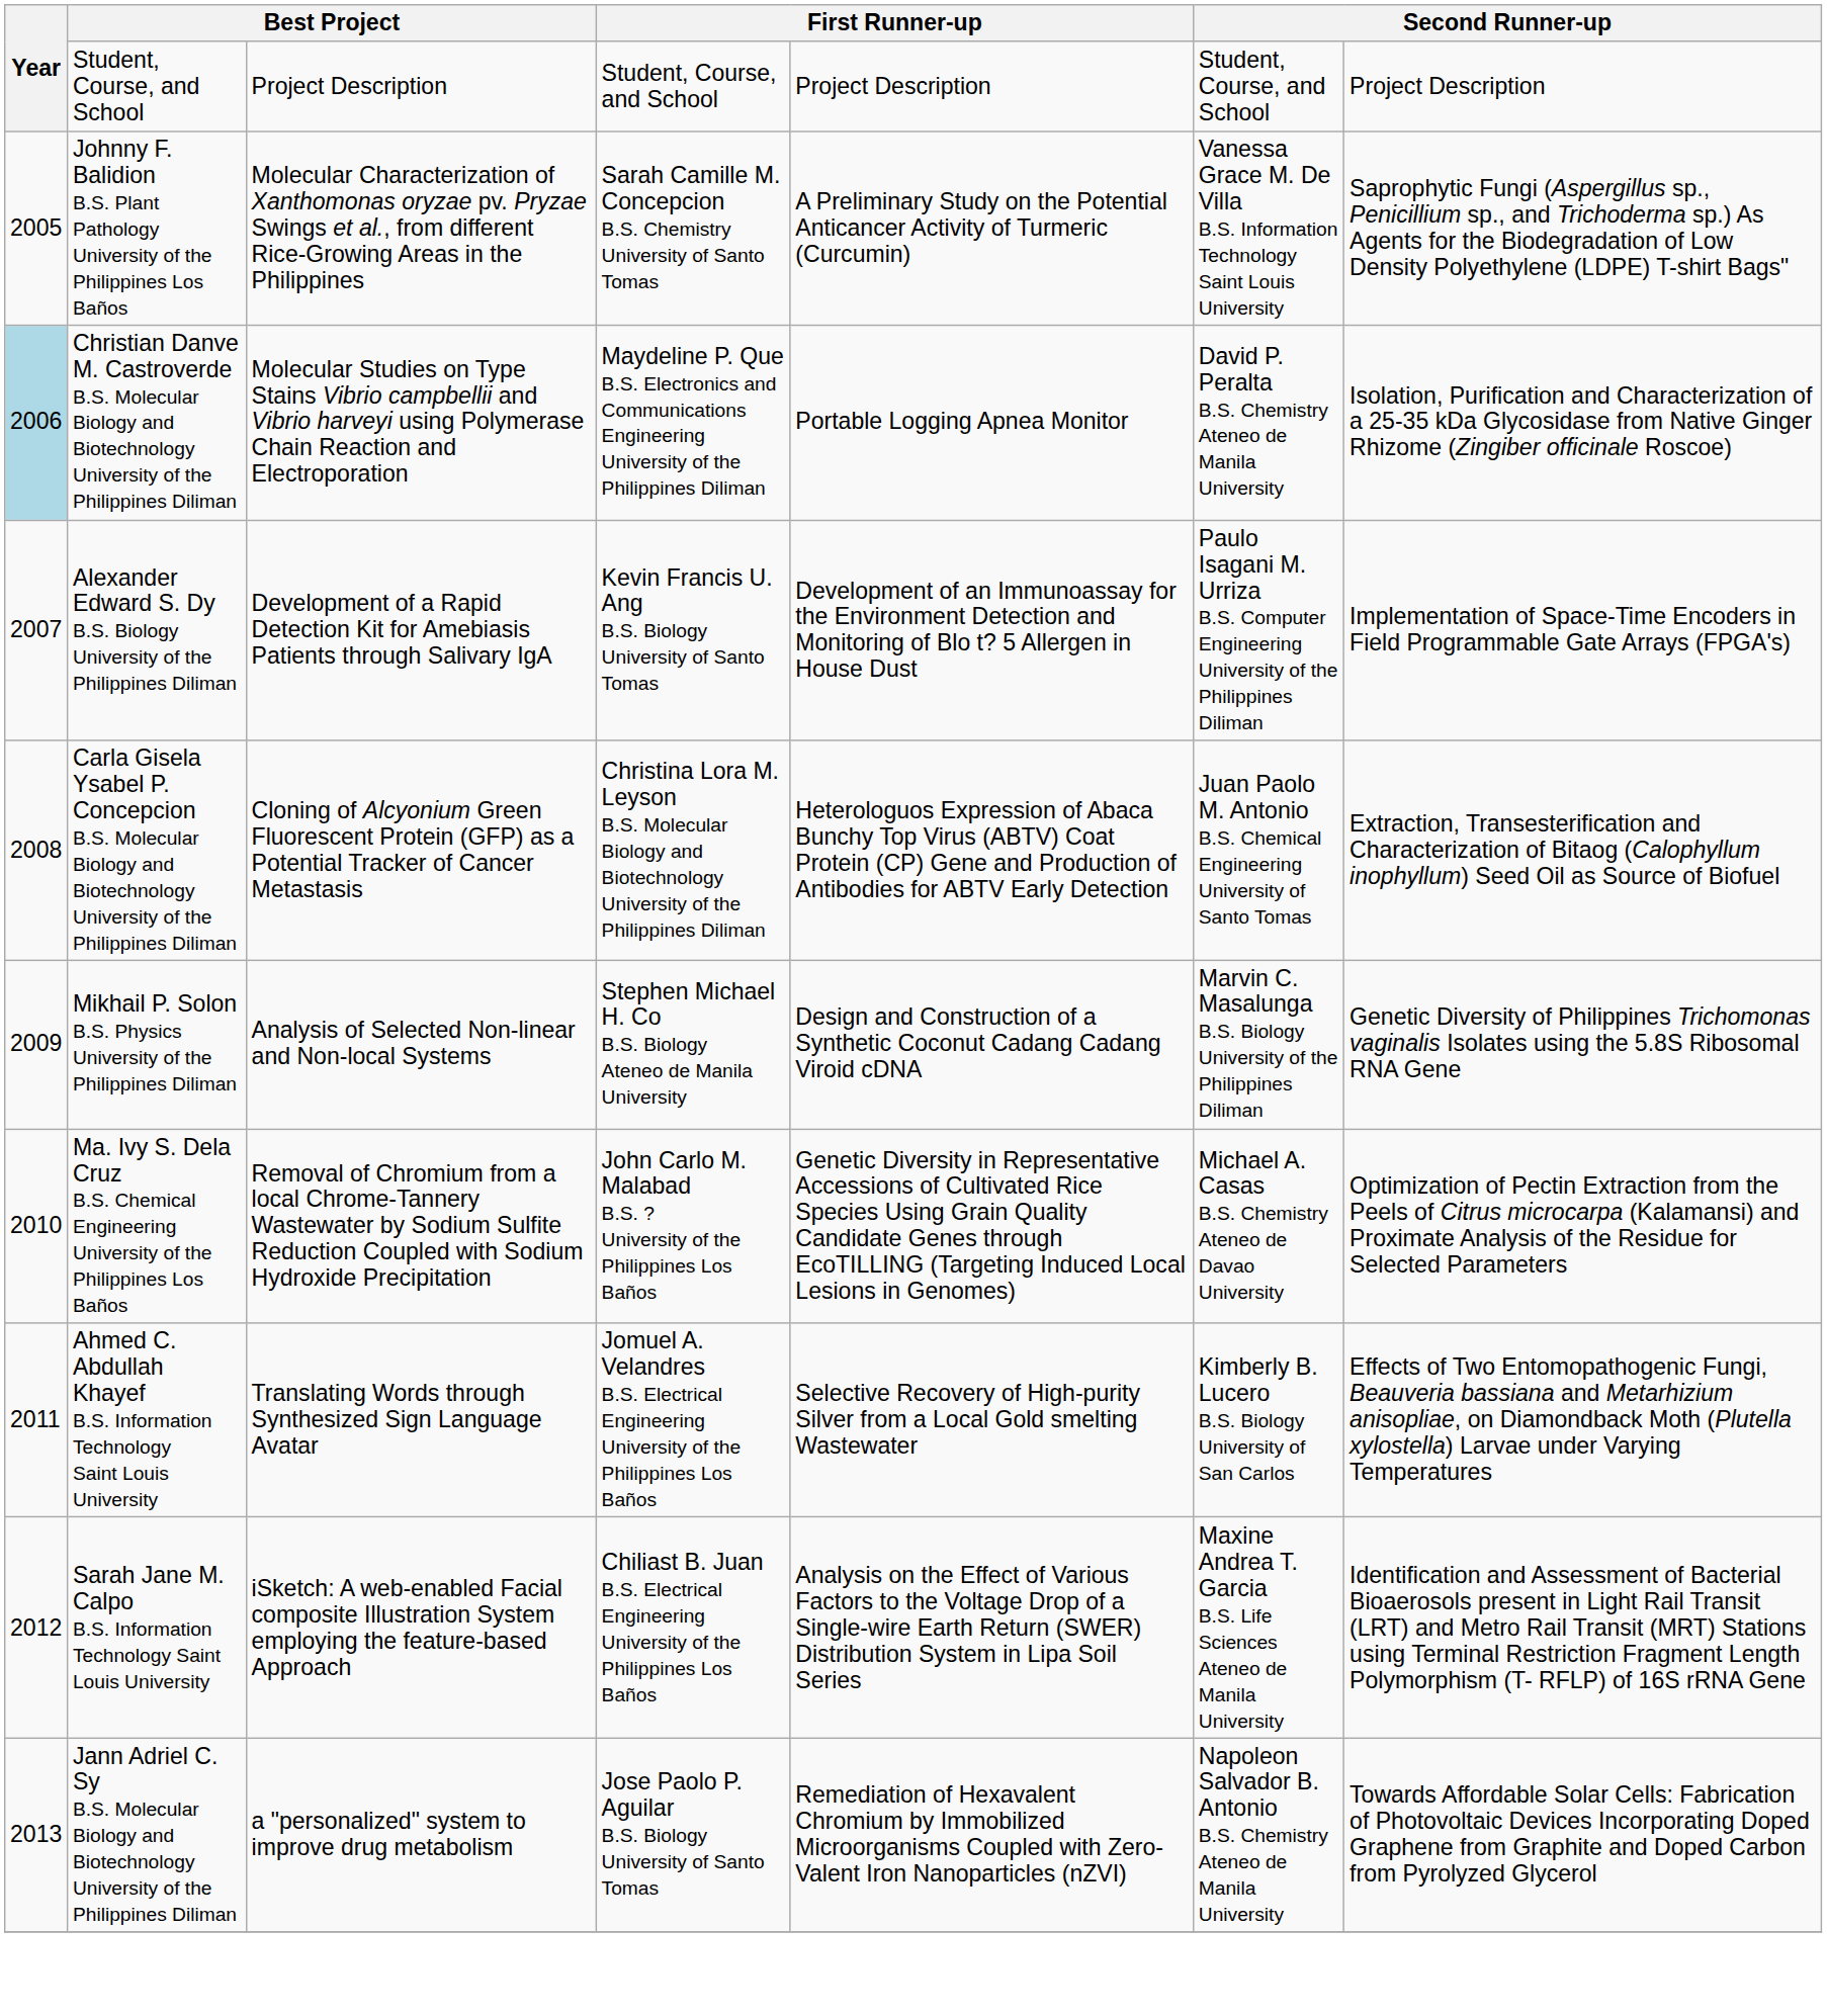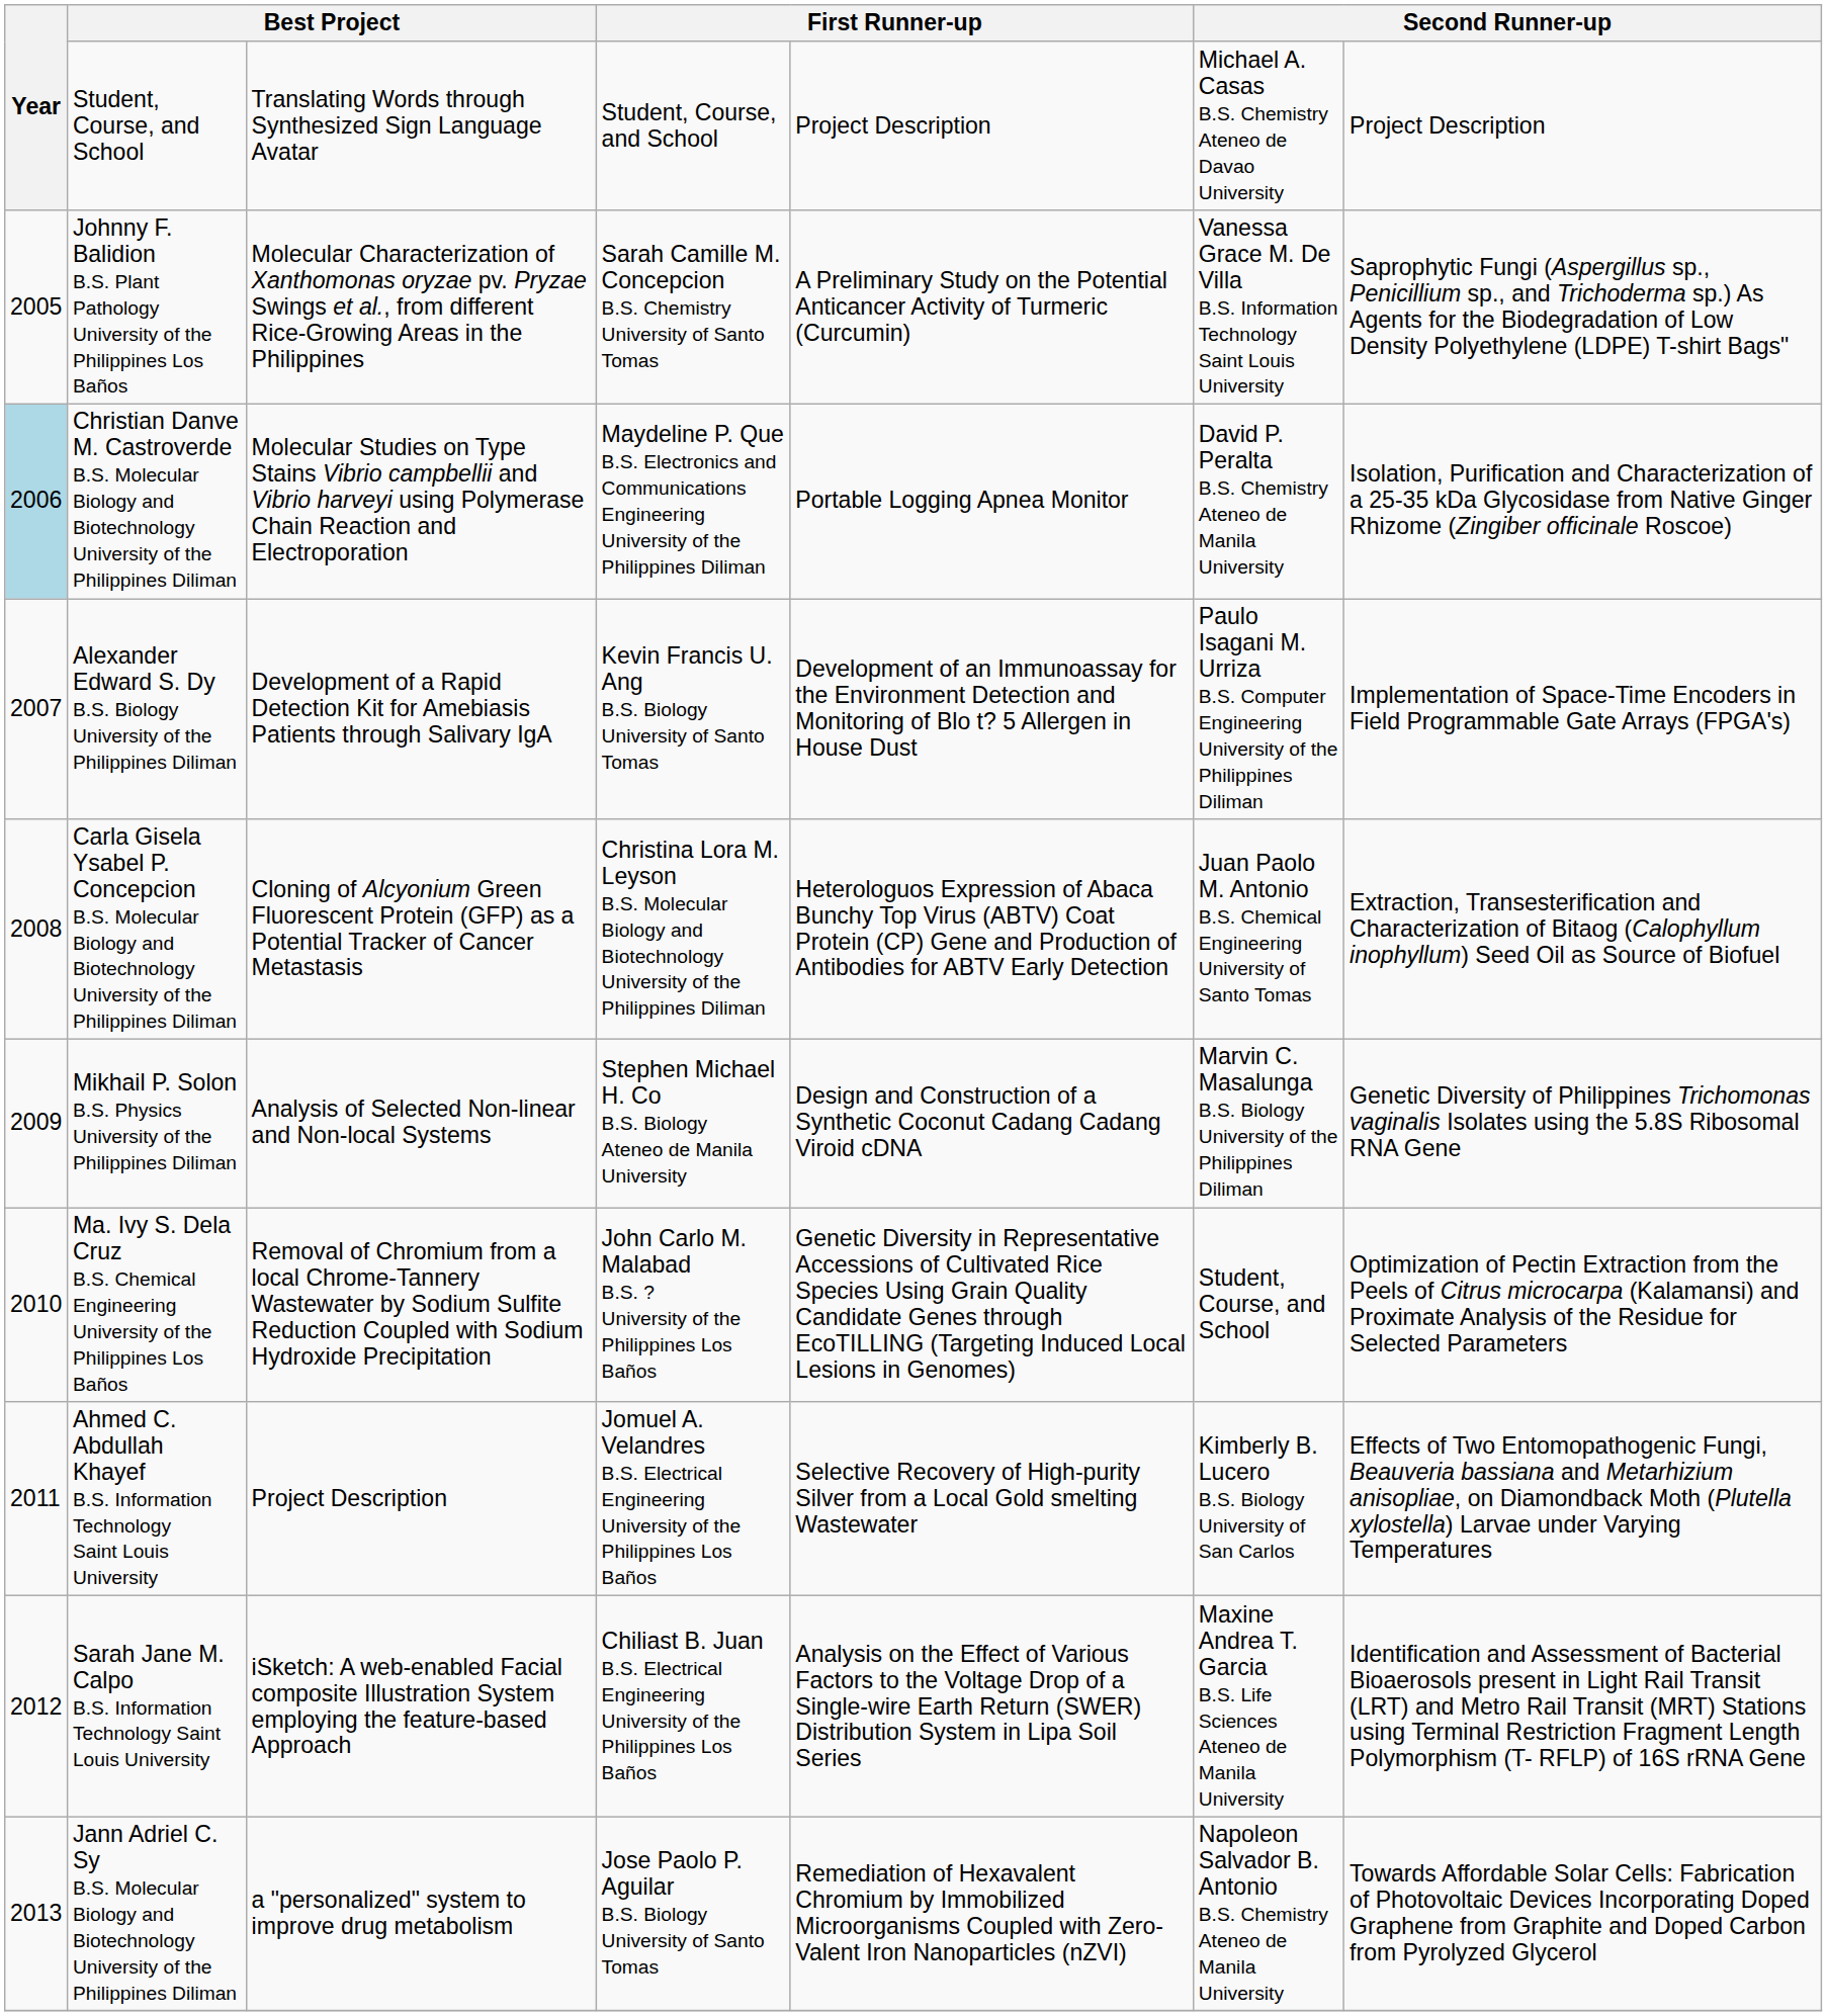 <table class="wikitable">
 <tr>
 <th rowspan="2">Year</th>
 <th colspan="2">Best Project</th>
 <th colspan="2">First Runner-up</th>
 <th colspan="2">Second Runner-up</th>
 </tr>
 <tr>
 <td>Student, Course, and School</td>
-<td>Project Description</td>
+<td>Translating Words through Synthesized Sign Language Avatar</td>
 <td>Student, Course, and School</td>
 <td>Project Description</td>
-<td>Student, Course, and School</td>
+<td>Michael A. Casas<br><small>B.S. Chemistry<br>Ateneo de Davao University</small></td>
 <td>Project Description</td>
 </tr>
 <tr>
 <td>2005</td>
 <td>Johnny F. Balidion<br><small>B.S. Plant Pathology<br>University of the Philippines Los Baños</small></td>
 <td>Molecular Characterization of <em>Xanthomonas oryzae</em> pv. <em>Pryzae</em> Swings <em>et al.</em>, from different Rice-Growing Areas in the Philippines</td>
 <td>Sarah Camille M. Concepcion<br><small>B.S. Chemistry<br>University of Santo Tomas</small></td>
 <td>A Preliminary Study on the Potential Anticancer Activity of Turmeric (Curcumin)</td>
 <td>Vanessa Grace M. De Villa<br><small>B.S. Information Technology<br>Saint Louis University</small></td>
 <td>Saprophytic Fungi (<em>Aspergillus</em> sp., <em>Penicillium</em> sp., and <em>Trichoderma</em> sp.) As Agents for the Biodegradation of Low Density Polyethylene (LDPE) T-shirt Bags"</td>
 </tr>
 <tr>
 <td style="background: lightblue;">2006</td>
 <td>Christian Danve M. Castroverde<br><small>B.S. Molecular Biology and Biotechnology<br>University of the Philippines Diliman</small></td>
 <td>Molecular Studies on Type Stains <em>Vibrio campbellii</em> and <em>Vibrio harveyi</em> using Polymerase Chain Reaction and Electroporation</td>
 <td>Maydeline P. Que<br><small>B.S. Electronics and Communications Engineering<br>University of the Philippines Diliman</small></td>
 <td>Portable Logging Apnea Monitor</td>
 <td>David P. Peralta<br><small>B.S. Chemistry<br>Ateneo de Manila University</small></td>
 <td>Isolation, Purification and Characterization of a 25-35 kDa Glycosidase from Native Ginger Rhizome (<em>Zingiber officinale</em> Roscoe)</td>
 </tr>
 <tr>
 <td>2007</td>
 <td>Alexander Edward S. Dy<br><small>B.S. Biology<br>University of the Philippines Diliman</small></td>
 <td>Development of a Rapid Detection Kit for Amebiasis Patients through Salivary IgA</td>
 <td>Kevin Francis U. Ang<br><small>B.S. Biology<br>University of Santo Tomas</small></td>
 <td>Development of an Immunoassay for the Environment Detection and Monitoring of Blo t? 5 Allergen in House Dust</td>
 <td>Paulo Isagani M. Urriza<br><small>B.S. Computer Engineering<br>University of the Philippines Diliman</small></td>
 <td>Implementation of Space-Time Encoders in Field Programmable Gate Arrays (FPGA's)</td>
 </tr>
 <tr>
 <td>2008</td>
 <td>Carla Gisela Ysabel P. Concepcion<br><small>B.S. Molecular Biology and Biotechnology<br>University of the Philippines Diliman</small></td>
 <td>Cloning of <em>Alcyonium</em> Green Fluorescent Protein (GFP) as a Potential Tracker of Cancer Metastasis</td>
 <td>Christina Lora M. Leyson<br><small>B.S. Molecular Biology and Biotechnology<br>University of the Philippines Diliman</small></td>
 <td>Heterologuos Expression of Abaca Bunchy Top Virus (ABTV) Coat Protein (CP) Gene and Production of Antibodies for ABTV Early Detection</td>
 <td>Juan Paolo M. Antonio<br><small>B.S. Chemical Engineering<br>University of Santo Tomas</small></td>
 <td>Extraction, Transesterification and Characterization of Bitaog (<em>Calophyllum inophyllum</em>) Seed Oil as Source of Biofuel</td>
 </tr>
 <tr>
 <td>2009</td>
 <td>Mikhail P. Solon<br><small>B.S. Physics<br>University of the Philippines Diliman</small></td>
 <td>Analysis of Selected Non-linear and Non-local Systems</td>
 <td>Stephen Michael H. Co<br><small>B.S. Biology<br>Ateneo de Manila University</small></td>
 <td>Design and Construction of a Synthetic Coconut Cadang Cadang Viroid cDNA</td>
 <td>Marvin C. Masalunga<br><small>B.S. Biology<br>University of the Philippines Diliman</small></td>
 <td>Genetic Diversity of Philippines <em>Trichomonas vaginalis</em> Isolates using the 5.8S Ribosomal RNA Gene</td>
 </tr>
 <tr>
 <td>2010</td>
 <td>Ma. Ivy S. Dela Cruz<br><small>B.S. Chemical Engineering<br>University of the Philippines Los Baños</small></td>
 <td>Removal of Chromium from a local Chrome-Tannery Wastewater by Sodium Sulfite Reduction Coupled with Sodium Hydroxide Precipitation</td>
 <td>John Carlo M. Malabad<br><small>B.S. ?<br>University of the Philippines Los Baños</small></td>
 <td>Genetic Diversity in Representative Accessions of Cultivated Rice Species Using Grain Quality Candidate Genes through EcoTILLING (Targeting Induced Local Lesions in Genomes)</td>
-<td>Michael A. Casas<br><small>B.S. Chemistry<br>Ateneo de Davao University</small></td>
+<td>Student, Course, and School</td>
 <td>Optimization of Pectin Extraction from the Peels of <em>Citrus microcarpa</em> (Kalamansi) and Proximate Analysis of the Residue for Selected Parameters</td>
 </tr>
 <tr>
 <td>2011</td>
 <td>Ahmed C. Abdullah Khayef<br><small>B.S. Information Technology<br>Saint Louis University</small></td>
-<td>Translating Words through Synthesized Sign Language Avatar</td>
+<td>Project Description</td>
 <td>Jomuel A. Velandres<br><small>B.S. Electrical Engineering<br>University of the Philippines Los Baños</small></td>
 <td>Selective Recovery of High-purity Silver from a Local Gold smelting Wastewater</td>
 <td>Kimberly B. Lucero<br><small>B.S. Biology<br>University of San Carlos</small></td>
 <td>Effects of Two Entomopathogenic Fungi, <em>Beauveria bassiana</em> and <em>Metarhizium anisopliae</em>, on Diamondback Moth (<em>Plutella xylostella</em>) Larvae under Varying Temperatures</td>
 </tr>
 <tr>
 <td>2012</td>
 <td>Sarah Jane M. Calpo<br><small>B.S. Information Technology Saint Louis University</small></td>
 <td>iSketch: A web-enabled Facial composite Illustration System employing the feature-based Approach</td>
 <td>Chiliast B. Juan<br><small>B.S. Electrical Engineering<br>University of the Philippines Los Baños</small></td>
 <td>Analysis on the Effect of Various Factors to the Voltage Drop of a Single-wire Earth Return (SWER) Distribution System in Lipa Soil Series</td>
 <td>Maxine Andrea T. Garcia<br><small>B.S. Life Sciences<br>Ateneo de Manila University</small></td>
 <td>Identification and Assessment of Bacterial Bioaerosols present in Light Rail Transit (LRT) and Metro Rail Transit (MRT) Stations using Terminal Restriction Fragment Length Polymorphism (T- RFLP) of 16S rRNA Gene</td>
 </tr>
 <tr>
 <td>2013</td>
 <td>Jann Adriel C. Sy<br><small>B.S. Molecular Biology and Biotechnology<br>University of the Philippines Diliman</small></td>
 <td>a "personalized" system to improve drug metabolism</td>
 <td>Jose Paolo P. Aguilar<br><small>B.S. Biology<br>University of Santo Tomas</small></td>
 <td>Remediation of Hexavalent Chromium by Immobilized Microorganisms Coupled with Zero-Valent Iron Nanoparticles (nZVI)</td>
 <td>Napoleon Salvador B. Antonio<br><small>B.S. Chemistry<br>Ateneo de Manila University</small></td>
 <td>Towards Affordable Solar Cells: Fabrication of Photovoltaic Devices Incorporating Doped Graphene from Graphite and Doped Carbon from Pyrolyzed Glycerol</td>
 </tr>
 <tr>
 </tr>
 </table>
